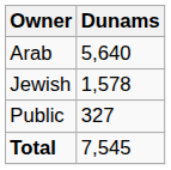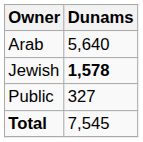 <table class="wikitable">
 <tr>
 <th>Owner</th>
 <th>Dunams</th>
 </tr>
 <tr>
 <td>Arab</td>
 <td>5,640</td>
 </tr>
 <tr>
 <td>Jewish</td>
-<td>1,578</td>
+<td><strong>1,578</strong></td>
 </tr>
 <tr>
 <td>Public</td>
 <td>327</td>
 </tr>
 <tr>
 <td><strong>Total</strong></td>
 <td>7,545</td>
 </tr>
 <tr>
 </tr>
 </table>
